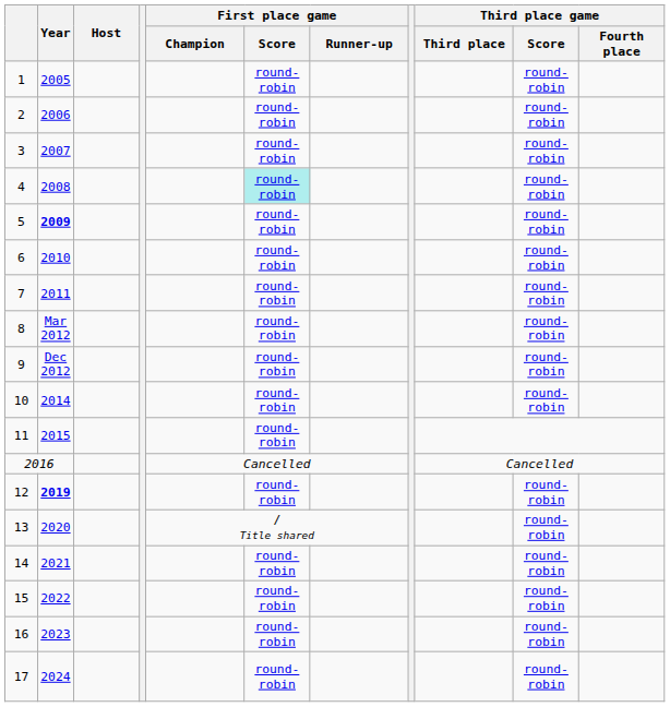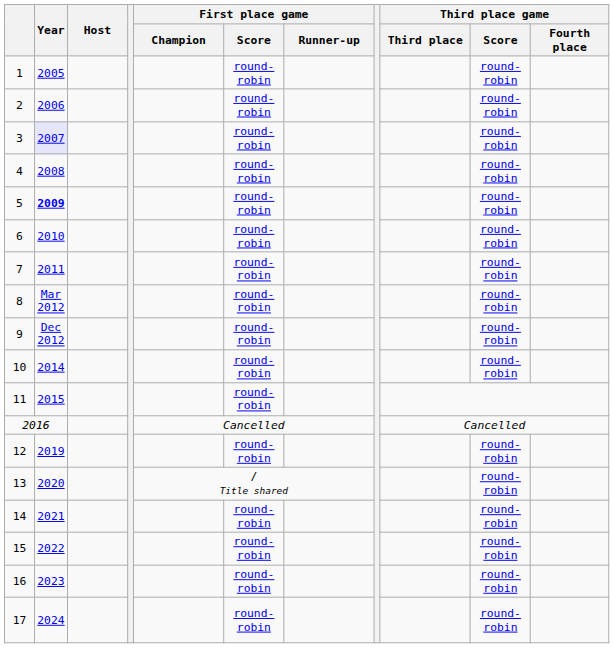 <table class="wikitable" style="font-size:90%; text-align:center; width:100%;">
 <tr>
 <th rowspan="2" style="width:5%;"></th>
 <th rowspan="2" style="width:5%;">Year</th>
 <th rowspan="2" style="width:10%;">Host</th>
 <th rowspan="20" style="width:1%;"></th>
 <th colspan="3">First place game</th>
 <th rowspan="20" style="width:1%;"></th>
 <th colspan="3">Third place game</th>
 </tr>
 <tr>
 <th style="width:15%;"> Champion</th>
 <th style="width:10%;">Score</th>
 <th style="width:15%;"> Runner-up</th>
 <th style="width:15%;"> Third place</th>
 <th style="width:10%;">Score</th>
 <th style="width:15%;"> Fourth place</th>
 </tr>
 <tr>
 <td>1</td>
 <td><a href='#'>2005</a></td>
 <td align="left"></td>
 <td><strong> </strong></td>
 <td><a href='#'>round-robin</a></td>
 <td></td>
 <td></td>
 <td><a href='#'>round-robin</a></td>
 <td></td>
 </tr>
 <tr>
 <td>2</td>
 <td><a href='#'>2006</a></td>
 <td align="left"></td>
 <td><strong> </strong></td>
 <td><a href='#'>round-robin</a></td>
 <td></td>
 <td></td>
 <td><a href='#'>round-robin</a></td>
 <td></td>
 </tr>
 <tr>
 <td>3</td>
-<td><a href='#'>2007</a></td>
+<td style="background: lavender;"><a href='#'>2007</a></td>
 <td align="left"></td>
 <td><strong> </strong></td>
 <td><a href='#'>round-robin</a></td>
 <td></td>
 <td></td>
 <td><a href='#'>round-robin</a></td>
 <td></td>
 </tr>
 <tr>
 <td>4</td>
 <td><a href='#'>2008</a></td>
 <td align="left"></td>
 <td><strong> </strong></td>
-<td style="background: paleturquoise;"><a href='#'>round-robin</a></td>
+<td><a href='#'>round-robin</a></td>
 <td></td>
 <td></td>
 <td><a href='#'>round-robin</a></td>
 <td></td>
 </tr>
 <tr>
 <td>5</td>
 <td><strong><a href='#'>2009</a></strong></td>
 <td align="left"></td>
 <td><strong> </strong></td>
 <td><a href='#'>round-robin</a></td>
 <td></td>
 <td></td>
 <td><a href='#'>round-robin</a></td>
 <td></td>
 </tr>
 <tr>
 <td>6</td>
 <td><a href='#'>2010</a></td>
 <td align="left"></td>
 <td><strong> </strong></td>
 <td><a href='#'>round-robin</a></td>
 <td></td>
 <td></td>
 <td><a href='#'>round-robin</a></td>
 <td></td>
 </tr>
 <tr>
 <td>7</td>
 <td><a href='#'>2011</a></td>
 <td align="left"></td>
 <td><strong> </strong></td>
 <td><a href='#'>round-robin</a></td>
 <td></td>
 <td></td>
 <td><a href='#'>round-robin</a></td>
 <td></td>
 </tr>
 <tr>
 <td>8</td>
 <td><a href='#'>Mar 2012</a></td>
 <td align="left"></td>
 <td><strong></strong></td>
 <td><a href='#'>round-robin</a></td>
 <td></td>
 <td></td>
 <td><a href='#'>round-robin</a></td>
 <td></td>
 </tr>
 <tr>
 <td>9</td>
 <td><a href='#'>Dec 2012</a></td>
 <td align="left"></td>
 <td><strong></strong></td>
 <td><a href='#'>round-robin</a></td>
 <td></td>
 <td></td>
 <td><a href='#'>round-robin</a></td>
 <td></td>
 </tr>
 <tr>
 <td>10</td>
 <td><a href='#'>2014</a></td>
 <td align="left"></td>
 <td><strong></strong></td>
 <td><a href='#'>round-robin</a></td>
 <td></td>
 <td></td>
 <td><a href='#'>round-robin</a></td>
 <td></td>
 </tr>
 <tr>
 <td>11</td>
 <td><a href='#'>2015</a></td>
 <td align="left"></td>
 <td><strong></strong></td>
 <td><a href='#'>round-robin</a></td>
 <td></td>
 <td colspan="3"></td>
 </tr>
 <tr>
 <td colspan="2"><em>2016</em></td>
 <td align="left"></td>
 <td colspan="3"><em>Cancelled</em></td>
 <td colspan="3"><em>Cancelled</em></td>
 </tr>
 <tr>
 <td>12</td>
-<td><strong><a href='#'>2019</a></strong></td>
+<td><a href='#'>2019</a></td>
 <td align="left"></td>
 <td><strong></strong></td>
 <td><a href='#'>round-robin</a></td>
 <td></td>
 <td></td>
 <td><a href='#'>round-robin</a></td>
 <td></td>
 </tr>
 <tr>
 <td>13</td>
 <td><a href='#'>2020</a></td>
 <td align="left"></td>
 <td colspan="3"><strong></strong> / <strong></strong><br><small><em>Title shared</em></small></td>
 <td></td>
 <td><a href='#'>round-robin</a></td>
 <td></td>
 </tr>
 <tr>
 <td>14</td>
 <td><a href='#'>2021</a></td>
 <td align="left"></td>
 <td><strong></strong></td>
 <td><a href='#'>round-robin</a></td>
 <td></td>
 <td></td>
 <td><a href='#'>round-robin</a></td>
 <td></td>
 </tr>
 <tr>
 <td>15</td>
 <td><a href='#'>2022</a></td>
 <td align="left"></td>
 <td><strong></strong></td>
 <td><a href='#'>round-robin</a></td>
 <td></td>
 <td></td>
 <td><a href='#'>round-robin</a></td>
 <td></td>
 </tr>
 <tr>
 <td>16</td>
 <td><a href='#'>2023</a></td>
 <td align="left"></td>
 <td><strong></strong></td>
 <td><a href='#'>round-robin</a></td>
 <td></td>
 <td></td>
 <td><a href='#'>round-robin</a></td>
 <td></td>
 </tr>
 <tr style=" height:4em;">
 <td>17</td>
 <td><a href='#'>2024</a></td>
 <td align="left"></td>
 <td><strong></strong></td>
 <td><a href='#'>round-robin</a></td>
 <td></td>
 <td></td>
 <td><a href='#'>round-robin</a></td>
 <td></td>
 </tr>
 </table>
